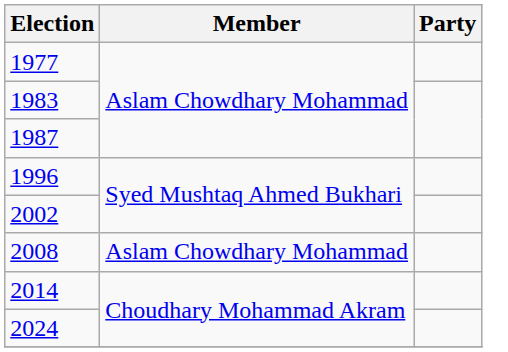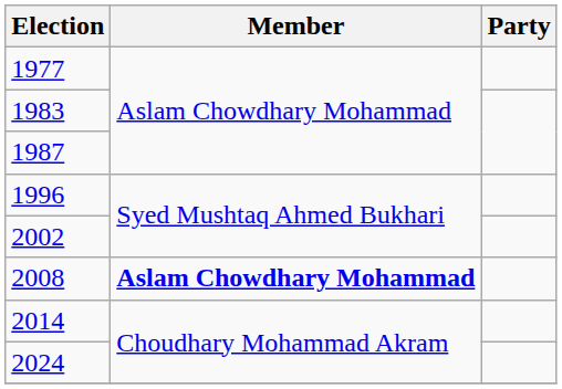 <table class="wikitable sortable">
 <tr>
 <th>Election</th>
 <th>Member</th>
 <th colspan=2>Party</th>
 </tr>
 <tr>
 <td><a href='#'>1977</a></td>
 <td rowspan=3><a href='#'>Aslam Chowdhary Mohammad</a></td>
 <td></td>
 </tr>
 <tr>
 <td><a href='#'>1983</a></td>
 </tr>
 <tr>
 <td><a href='#'>1987</a></td>
 </tr>
 <tr>
 <td><a href='#'>1996</a></td>
 <td rowspan=2><a href='#'>Syed Mushtaq Ahmed Bukhari</a></td>
 <td></td>
 </tr>
 <tr>
 <td><a href='#'>2002</a></td>
 </tr>
 <tr>
 <td><a href='#'>2008</a></td>
-<td><a href='#'>Aslam Chowdhary Mohammad</a></td>
+<td><strong><a href='#'>Aslam Chowdhary Mohammad</a></strong></td>
 <td></td>
 </tr>
 <tr>
 <td><a href='#'>2014</a></td>
 <td rowspan=2><a href='#'>Choudhary Mohammad Akram</a></td>
 </tr>
 <tr>
 <td><a href='#'>2024</a></td>
 <td></td>
 </tr>
 <tr>
 </tr>
 </table>
